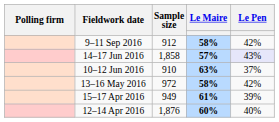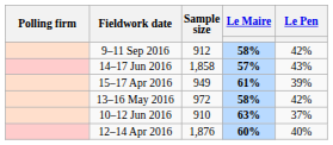 <table class="wikitable sortable" style="text-align:center;font-size:90%;line-height:14px;">
 <tr style="height:40px;">
 <th style="width:100px;" rowspan="2">Polling firm</th>
 <th style="width:110px;" rowspan="2">Fieldwork date</th>
 <th style="width:35px;" rowspan="2">Sample<br>size</th>
 <th class="unsortable" style="width:60px;"><a href='#'>Le Maire</a><br></th>
 <th class="unsortable" style="width:60px;"><a href='#'>Le Pen</a><br></th>
 </tr>
 <tr>
 <th style="background:"></th>
 <th style="background:"></th>
 </tr>
 <tr>
 <td style="background:#FFDFCC;"> </td>
 <td data-sort-value="2016-09-11">9–11 Sep 2016</td>
 <td>912</td>
 <td style="background:#B9DAFF;"><strong>58%</strong></td>
 <td>42%</td>
 </tr>
 <tr>
 <td style="background:#FFCCCC;"></td>
 <td data-sort-value="2016-06-17">14–17 Jun 2016</td>
 <td>1,858</td>
 <td style="background:#B9DAFF;"><strong>57%</strong></td>
-<td style="background: lavender;">43%</td>
+<td>43%</td>
 </tr>
 <tr>
 <td style="background:#FFDFCC;"> </td>
-<td data-sort-value="2016-06-12">10–12 Jun 2016</td>
-<td>910</td>
-<td style="background:#B9DAFF;"><strong>63%</strong></td>
-<td>37%</td>
+<td data-sort-value="2016-04-17">15–17 Apr 2016</td>
+<td>949</td>
+<td style="background:#B9DAFF;"><strong>61%</strong></td>
+<td>39%</td>
 </tr>
 <tr>
 <td style="background:#FFDFCC;"> </td>
 <td data-sort-value="2016-05-16">13–16 May 2016</td>
 <td>972</td>
 <td style="background:#B9DAFF;"><strong>58%</strong></td>
 <td>42%</td>
 </tr>
 <tr>
 <td style="background:#FFDFCC;"> </td>
-<td data-sort-value="2016-04-17">15–17 Apr 2016</td>
-<td>949</td>
-<td style="background:#B9DAFF;"><strong>61%</strong></td>
-<td>39%</td>
+<td data-sort-value="2016-06-12">10–12 Jun 2016</td>
+<td>910</td>
+<td style="background:#B9DAFF;"><strong>63%</strong></td>
+<td>37%</td>
 </tr>
 <tr>
 <td style="background:#FFCCCC;"></td>
 <td data-sort-value="2016-04-14">12–14 Apr 2016</td>
 <td>1,876</td>
 <td style="background:#B9DAFF;"><strong>60%</strong></td>
 <td>40%</td>
 </tr>
 </table>
